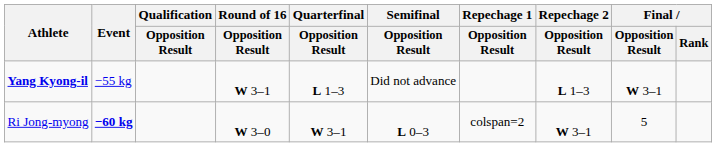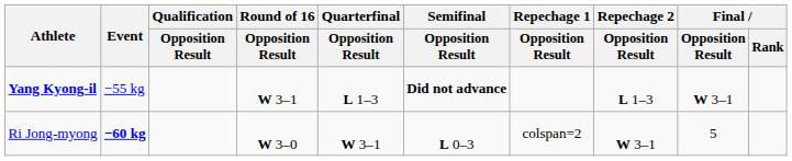 <table class="wikitable" style="font-size:90%">
 <tr>
 <th rowspan="2">Athlete</th>
 <th rowspan="2">Event</th>
 <th>Qualification</th>
 <th>Round of 16</th>
 <th>Quarterfinal</th>
 <th>Semifinal</th>
 <th>Repechage 1</th>
 <th>Repechage 2</th>
 <th colspan=2>Final / </th>
 </tr>
 <tr style="font-size: 95%">
 <th>Opposition<br>Result</th>
 <th>Opposition<br>Result</th>
 <th>Opposition<br>Result</th>
 <th>Opposition<br>Result</th>
 <th>Opposition<br>Result</th>
 <th>Opposition<br>Result</th>
 <th>Opposition<br>Result</th>
 <th>Rank</th>
 </tr>
 <tr align=center>
 <td align=left><strong><a href='#'>Yang Kyong-il</a></strong></td>
 <td align=left><a href='#'>−55 kg</a></td>
 <td></td>
 <td><br><strong>W</strong> 3–1 <sup></sup></td>
 <td><br><strong>L</strong> 1–3 <sup></sup></td>
-<td>Did not advance</td>
+<td><strong>Did not advance</strong></td>
 <td></td>
 <td><br><strong>L</strong> 1–3 <sup></sup></td>
 <td><br><strong>W</strong> 3–1 <sup></sup></td>
 <td></td>
 </tr>
 <tr align=center>
 <td align=left><a href='#'>Ri Jong-myong</a></td>
 <td align=left><strong><a href='#'>−60 kg</a></strong></td>
 <td></td>
 <td><br><strong>W</strong> 3–0 <sup></sup></td>
 <td><br><strong>W</strong> 3–1 <sup></sup></td>
 <td><br><strong>L</strong> 0–3 <sup></sup></td>
 <td>colspan=2 </td>
 <td><br><strong>W</strong> 3–1 <sup></sup></td>
 <td>5</td>
 </tr>
 </table>
